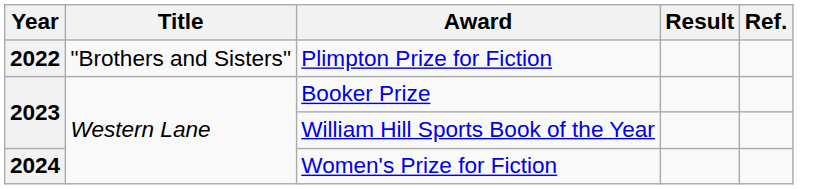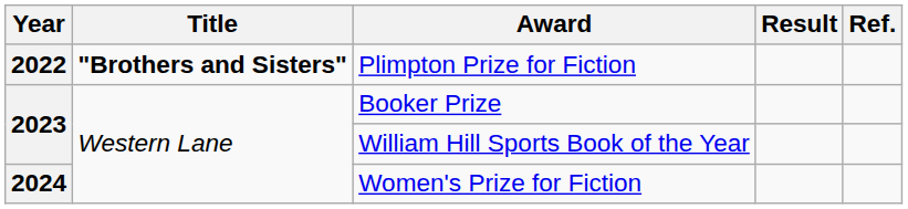 <table class="wikitable sortable">
 <tr>
 <th>Year</th>
 <th>Title</th>
 <th>Award</th>
 <th>Result</th>
 <th>Ref.</th>
 </tr>
 <tr>
 <th>2022</th>
-<td>"Brothers and Sisters"</td>
+<td><strong>"Brothers and Sisters"</strong></td>
 <td><a href='#'>Plimpton Prize for Fiction</a></td>
 <td></td>
 <td></td>
 </tr>
 <tr>
 <th rowspan="2">2023</th>
 <td rowspan="3"><em>Western Lane</em></td>
 <td><a href='#'>Booker Prize</a></td>
 <td></td>
 <td></td>
 </tr>
 <tr>
 <td><a href='#'>William Hill Sports Book of the Year</a></td>
 <td></td>
 <td></td>
 </tr>
 <tr>
 <th>2024</th>
 <td><a href='#'>Women's Prize for Fiction</a></td>
 <td></td>
 <td></td>
 </tr>
 </table>
